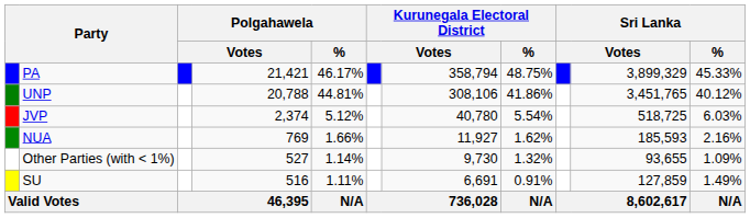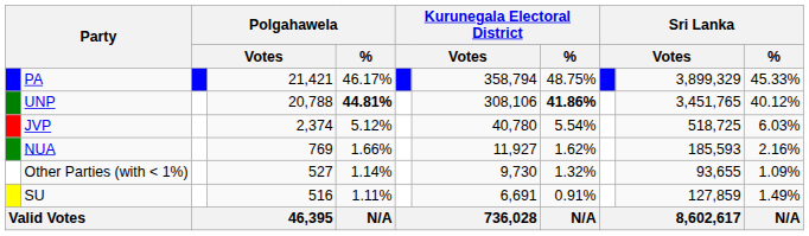 <table class="wikitable">
 <tr>
 <th colspan="2" width="144px"rowspan="2">Party</th>
 <th colspan="3" width="216px">Polgahawela</th>
 <th colspan="3" width="216px"><a href='#'>Kurunegala Electoral District</a></th>
 <th colspan="3" width="216px">Sri Lanka</th>
 </tr>
 <tr>
 <th colspan="2" width="144px">Votes</th>
 <th>%</th>
 <th colspan="2" width="144px">Votes</th>
 <th>%</th>
 <th colspan="2" width="144px">Votes</th>
 <th>%</th>
 </tr>
 <tr>
 <td style="background-color:blue;" width="10px"></td>
 <td style="text-align:left;"><a href='#'>PA</a></td>
 <td style="background-color:blue;" width="10px"></td>
 <td style="text-align:right;">21,421</td>
 <td style="text-align:right;">46.17%</td>
 <td style="background-color:blue;" width="10px"></td>
 <td style="text-align:right;">358,794</td>
 <td style="text-align:right;">48.75%</td>
 <td style="background-color:blue;" width="10px"></td>
 <td style="text-align:right;">3,899,329</td>
 <td style="text-align:right;">45.33%</td>
 </tr>
 <tr>
 <td style="background-color:green;" width="10px"></td>
 <td style="text-align:left;"><a href='#'>UNP</a></td>
 <td style="background-color:white;" width="10px"></td>
 <td style="text-align:right;">20,788</td>
-<td style="text-align:right;">44.81%</td>
+<td style="text-align:right;"><strong>44.81%</strong></td>
 <td style="background-color:white;" width="10px"></td>
 <td style="text-align:right;">308,106</td>
-<td style="text-align:right;">41.86%</td>
+<td style="text-align:right;"><strong>41.86%</strong></td>
 <td style="background-color:white;" width="10px"></td>
 <td style="text-align:right;">3,451,765</td>
 <td style="text-align:right;">40.12%</td>
 </tr>
 <tr>
 <td style="background-color:red;" width="10px"></td>
 <td style="text-align:left;"><a href='#'>JVP</a></td>
 <td style="background-color:white;" width="10px"></td>
 <td style="text-align:right;">2,374</td>
 <td style="text-align:right;">5.12%</td>
 <td style="background-color:white;" width="10px"></td>
 <td style="text-align:right;">40,780</td>
 <td style="text-align:right;">5.54%</td>
 <td style="background-color:white;" width="10px"></td>
 <td style="text-align:right;">518,725</td>
 <td style="text-align:right;">6.03%</td>
 </tr>
 <tr>
 <td style="background-color:#008800;" width="10px"></td>
 <td style="text-align:left;"><a href='#'>NUA</a></td>
 <td style="background-color:white;" width="10px"></td>
 <td style="text-align:right;">769</td>
 <td style="text-align:right;">1.66%</td>
 <td style="background-color:white;" width="10px"></td>
 <td style="text-align:right;">11,927</td>
 <td style="text-align:right;">1.62%</td>
 <td style="background-color:white;" width="10px"></td>
 <td style="text-align:right;">185,593</td>
 <td style="text-align:right;">2.16%</td>
 </tr>
 <tr>
 <td style="background-color:white;" width="10px"></td>
 <td style="text-align:left;">Other Parties (with < 1%)</td>
 <td style="background-color:white;" width="10px"></td>
 <td style="text-align:right;">527</td>
 <td style="text-align:right;">1.14%</td>
 <td style="background-color:white;" width="10px"></td>
 <td style="text-align:right;">9,730</td>
 <td style="text-align:right;">1.32%</td>
 <td style="background-color:white;" width="10px"></td>
 <td style="text-align:right;">93,655</td>
 <td style="text-align:right;">1.09%</td>
 </tr>
 <tr>
 <td style="background-color:yellow;" width="10px"></td>
 <td style="text-align:left;">SU</td>
 <td style="background-color:white;" width="10px"></td>
 <td style="text-align:right;">516</td>
 <td style="text-align:right;">1.11%</td>
 <td style="background-color:white;" width="10px"></td>
 <td style="text-align:right;">6,691</td>
 <td style="text-align:right;">0.91%</td>
 <td style="background-color:white;" width="10px"></td>
 <td style="text-align:right;">127,859</td>
 <td style="text-align:right;">1.49%</td>
 </tr>
 <tr>
 <th colspan="2" width="144px"style="text-align:left;">Valid Votes</th>
 <th style="text-align:right;"colspan="2" width="144px">46,395</th>
 <th style="text-align:right;">N/A</th>
 <th style="text-align:right;"colspan="2" width="144px">736,028</th>
 <th style="text-align:right;">N/A</th>
 <th style="text-align:right;"colspan="2" width="144px">8,602,617</th>
 <th style="text-align:right;">N/A</th>
 </tr>
 </table>
